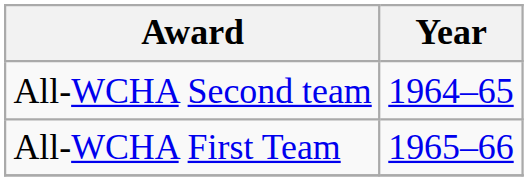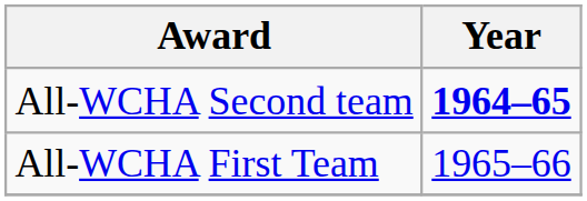 <table class="wikitable">
 <tr>
 <th>Award</th>
 <th>Year</th>
 </tr>
 <tr>
 <td>All-<a href='#'>WCHA</a> <a href='#'>Second team</a></td>
-<td><a href='#'>1964–65</a></td>
+<td><strong><a href='#'>1964–65</a></strong></td>
 </tr>
 <tr>
 <td>All-<a href='#'>WCHA</a> <a href='#'>First Team</a></td>
 <td><a href='#'>1965–66</a></td>
 </tr>
 <tr>
 </tr>
 </table>
